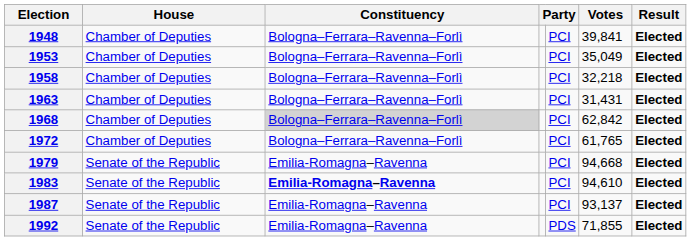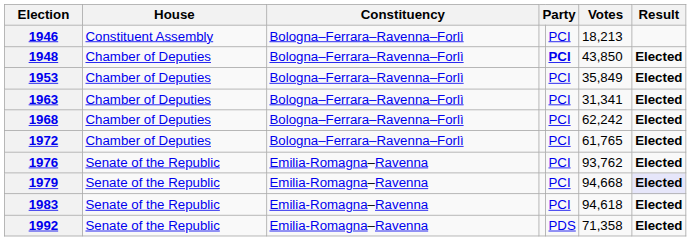 <table class=wikitable style="width:65%; border:1px #AAAAFF solid">
 <tr>
 <th width=12%>Election</th>
 <th width=30%>House</th>
 <th width=45%>Constituency</th>
 <th width=5% colspan="2">Party</th>
 <th width=12%>Votes</th>
 <th width=12%>Result</th>
 </tr>
 <tr>
+<th><a href='#'>1946</a></th>
+<td><a href='#'>Constituent Assembly</a></td>
+<td><a href='#'>Bologna–Ferrara–Ravenna–Forlì</a></td>
+<td></td>
+<td><a href='#'>PCI</a></td>
+<td>18,213</td>
+<td></td>
+</tr>
+<tr>
 <th><a href='#'>1948</a></th>
 <td><a href='#'>Chamber of Deputies</a></td>
 <td><a href='#'>Bologna–Ferrara–Ravenna–Forlì</a></td>
 <td></td>
-<td><a href='#'>PCI</a></td>
-<td>39,841</td>
+<td><strong><a href='#'>PCI</a></strong></td>
+<td>43,850</td>
 <td> <strong>Elected</strong></td>
 </tr>
 <tr>
 <th><a href='#'>1953</a></th>
 <td><a href='#'>Chamber of Deputies</a></td>
 <td><a href='#'>Bologna–Ferrara–Ravenna–Forlì</a></td>
 <td></td>
 <td><a href='#'>PCI</a></td>
-<td>35,049</td>
-<td> <strong>Elected</strong></td>
-</tr>
-<tr>
-<th><a href='#'>1958</a></th>
-<td><a href='#'>Chamber of Deputies</a></td>
-<td><a href='#'>Bologna–Ferrara–Ravenna–Forlì</a></td>
-<td></td>
-<td><a href='#'>PCI</a></td>
-<td>32,218</td>
+<td>35,849</td>
 <td> <strong>Elected</strong></td>
 </tr>
 <tr>
 <th><a href='#'>1963</a></th>
 <td><a href='#'>Chamber of Deputies</a></td>
 <td><a href='#'>Bologna–Ferrara–Ravenna–Forlì</a></td>
 <td></td>
 <td><a href='#'>PCI</a></td>
-<td>31,431</td>
+<td>31,341</td>
 <td> <strong>Elected</strong></td>
 </tr>
 <tr>
 <th><a href='#'>1968</a></th>
 <td><a href='#'>Chamber of Deputies</a></td>
-<td style="background: lightgrey;"><a href='#'>Bologna–Ferrara–Ravenna–Forlì</a></td>
+<td><a href='#'>Bologna–Ferrara–Ravenna–Forlì</a></td>
 <td></td>
 <td><a href='#'>PCI</a></td>
-<td>62,842</td>
+<td>62,242</td>
 <td> <strong>Elected</strong></td>
 </tr>
 <tr>
 <th><a href='#'>1972</a></th>
 <td><a href='#'>Chamber of Deputies</a></td>
 <td><a href='#'>Bologna–Ferrara–Ravenna–Forlì</a></td>
 <td></td>
 <td><a href='#'>PCI</a></td>
 <td>61,765</td>
 <td> <strong>Elected</strong></td>
 </tr>
 <tr>
+<th><a href='#'>1976</a></th>
+<td><a href='#'>Senate of the Republic</a></td>
+<td><a href='#'>Emilia-Romagna</a>–<a href='#'>Ravenna</a></td>
+<td></td>
+<td><a href='#'>PCI</a></td>
+<td>93,762</td>
+<td> <strong>Elected</strong></td>
+</tr>
+<tr>
 <th><a href='#'>1979</a></th>
 <td><a href='#'>Senate of the Republic</a></td>
 <td><a href='#'>Emilia-Romagna</a>–<a href='#'>Ravenna</a></td>
 <td></td>
 <td><a href='#'>PCI</a></td>
 <td>94,668</td>
-<td> <strong>Elected</strong></td>
+<td style="background: lavender;"> <strong>Elected</strong></td>
 </tr>
 <tr>
 <th><a href='#'>1983</a></th>
 <td><a href='#'>Senate of the Republic</a></td>
-<td><strong><a href='#'>Emilia-Romagna</a>–<a href='#'>Ravenna</a></strong></td>
-<td></td>
-<td><a href='#'>PCI</a></td>
-<td>94,610</td>
-<td> <strong>Elected</strong></td>
-</tr>
-<tr>
-<th><a href='#'>1987</a></th>
-<td><a href='#'>Senate of the Republic</a></td>
 <td><a href='#'>Emilia-Romagna</a>–<a href='#'>Ravenna</a></td>
 <td></td>
 <td><a href='#'>PCI</a></td>
-<td>93,137</td>
+<td>94,618</td>
 <td> <strong>Elected</strong></td>
 </tr>
 <tr>
 <th><a href='#'>1992</a></th>
 <td><a href='#'>Senate of the Republic</a></td>
 <td><a href='#'>Emilia-Romagna</a>–<a href='#'>Ravenna</a></td>
 <td></td>
 <td><a href='#'>PDS</a></td>
-<td>71,855</td>
+<td>71,358</td>
 <td> <strong>Elected</strong></td>
 </tr>
 </table>
